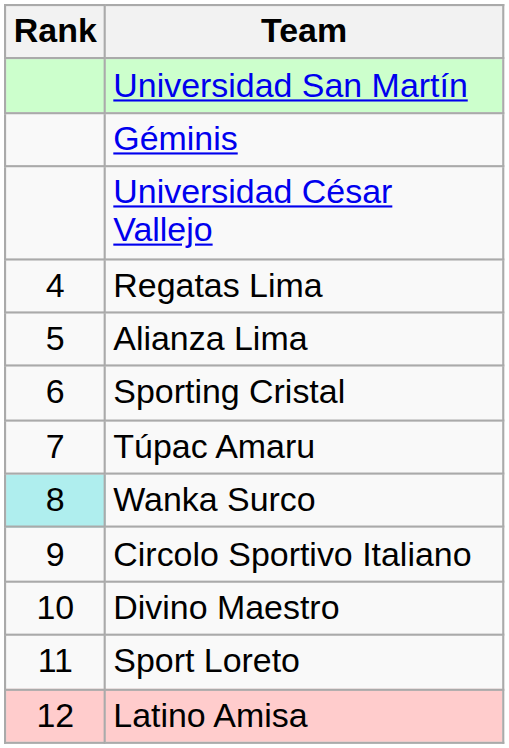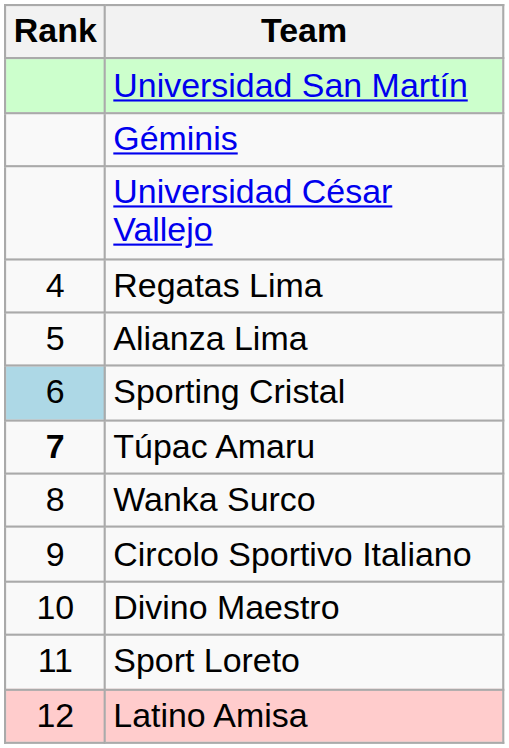 <table class="wikitable" style="text-align: center;">
 <tr>
 <th width=40>Rank</th>
 <th width=180>Team</th>
 </tr>
 <tr bgcolor=#ccffcc align=center>
 <td></td>
 <td style="text-align:left;"><a href='#'>Universidad San Martín</a></td>
 </tr>
 <tr align=center>
 <td></td>
 <td style="text-align:left;"><a href='#'>Géminis</a></td>
 </tr>
 <tr align=center>
 <td></td>
 <td style="text-align:left;"><a href='#'>Universidad César Vallejo</a></td>
 </tr>
 <tr align=center>
 <td>4</td>
 <td style="text-align:left;">Regatas Lima</td>
 </tr>
 <tr align=center>
 <td>5</td>
 <td style="text-align:left;">Alianza Lima</td>
 </tr>
 <tr align=center>
-<td>6</td>
+<td style="background: lightblue;">6</td>
 <td style="text-align:left;">Sporting Cristal</td>
 </tr>
 <tr align=center>
-<td>7</td>
+<td><strong>7</strong></td>
 <td style="text-align:left;">Túpac Amaru</td>
 </tr>
 <tr align=center>
-<td style="background: paleturquoise;">8</td>
+<td>8</td>
 <td style="text-align:left;">Wanka Surco</td>
 </tr>
 <tr align=center>
 <td>9</td>
 <td style="text-align:left;">Circolo Sportivo Italiano</td>
 </tr>
 <tr align=center>
 <td>10</td>
 <td style="text-align:left;">Divino Maestro</td>
 </tr>
 <tr align=center>
 <td>11</td>
 <td style="text-align:left;">Sport Loreto</td>
 </tr>
 <tr bgcolor=#ffcccc align=center>
 <td>12</td>
 <td style="text-align:left;">Latino Amisa</td>
 </tr>
 </table>
